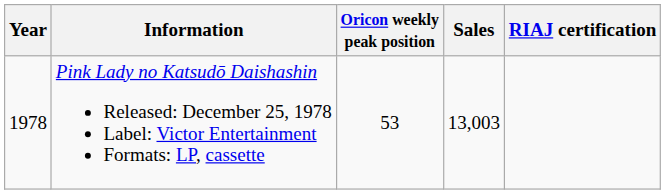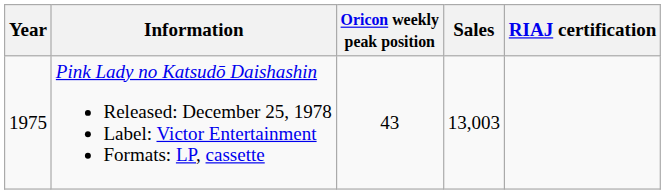 <table class="wikitable">
 <tr>
 <th>Year</th>
 <th>Information</th>
 <th><small><a href='#'>Oricon</a> weekly<br>peak position</small></th>
 <th>Sales<br></th>
 <th><a href='#'>RIAJ</a> certification</th>
 </tr>
 <tr>
-<td>1978</td>
+<td>1975</td>
 <td><em><a href='#'>Pink Lady no Katsudō Daishashin</a></em><br><ul><li>Released: December 25, 1978</li><li>Label: <a href='#'>Victor Entertainment</a></li><li>Formats: <a href='#'>LP</a>, <a href='#'>cassette</a></li></ul></td>
-<td style="text-align:center;">53</td>
+<td style="text-align:center;">43</td>
 <td align="left">13,003</td>
 <td align="left"></td>
 </tr>
 </table>
